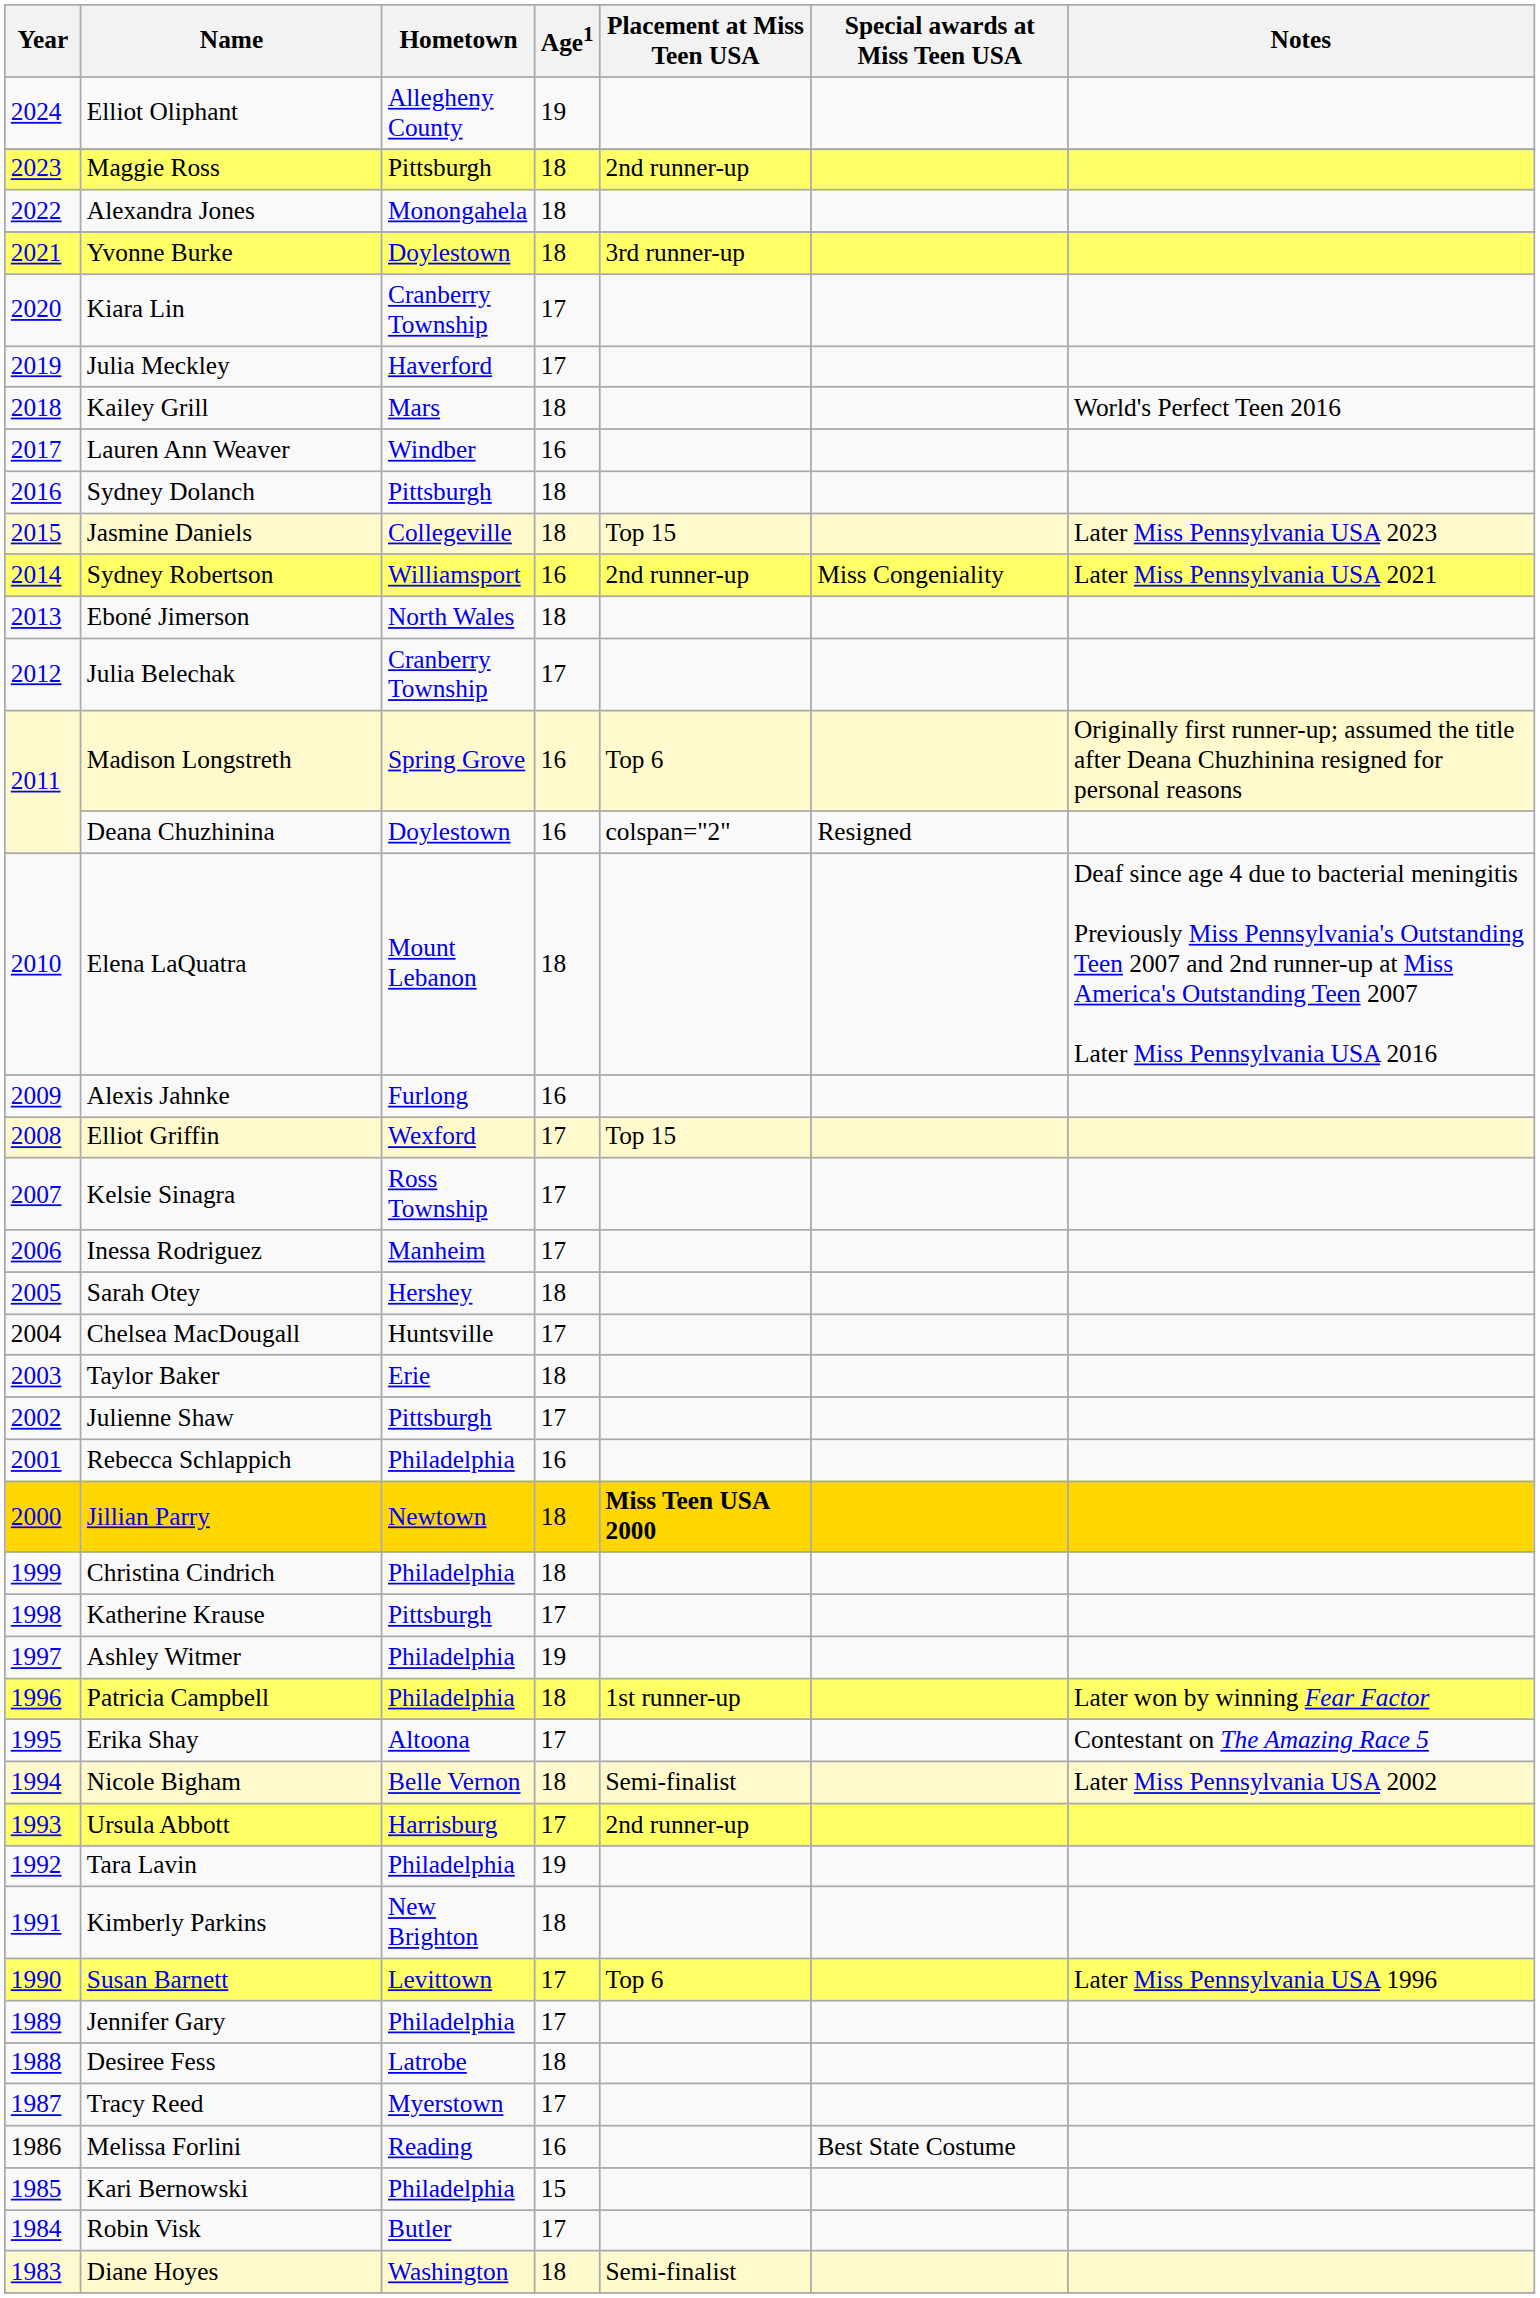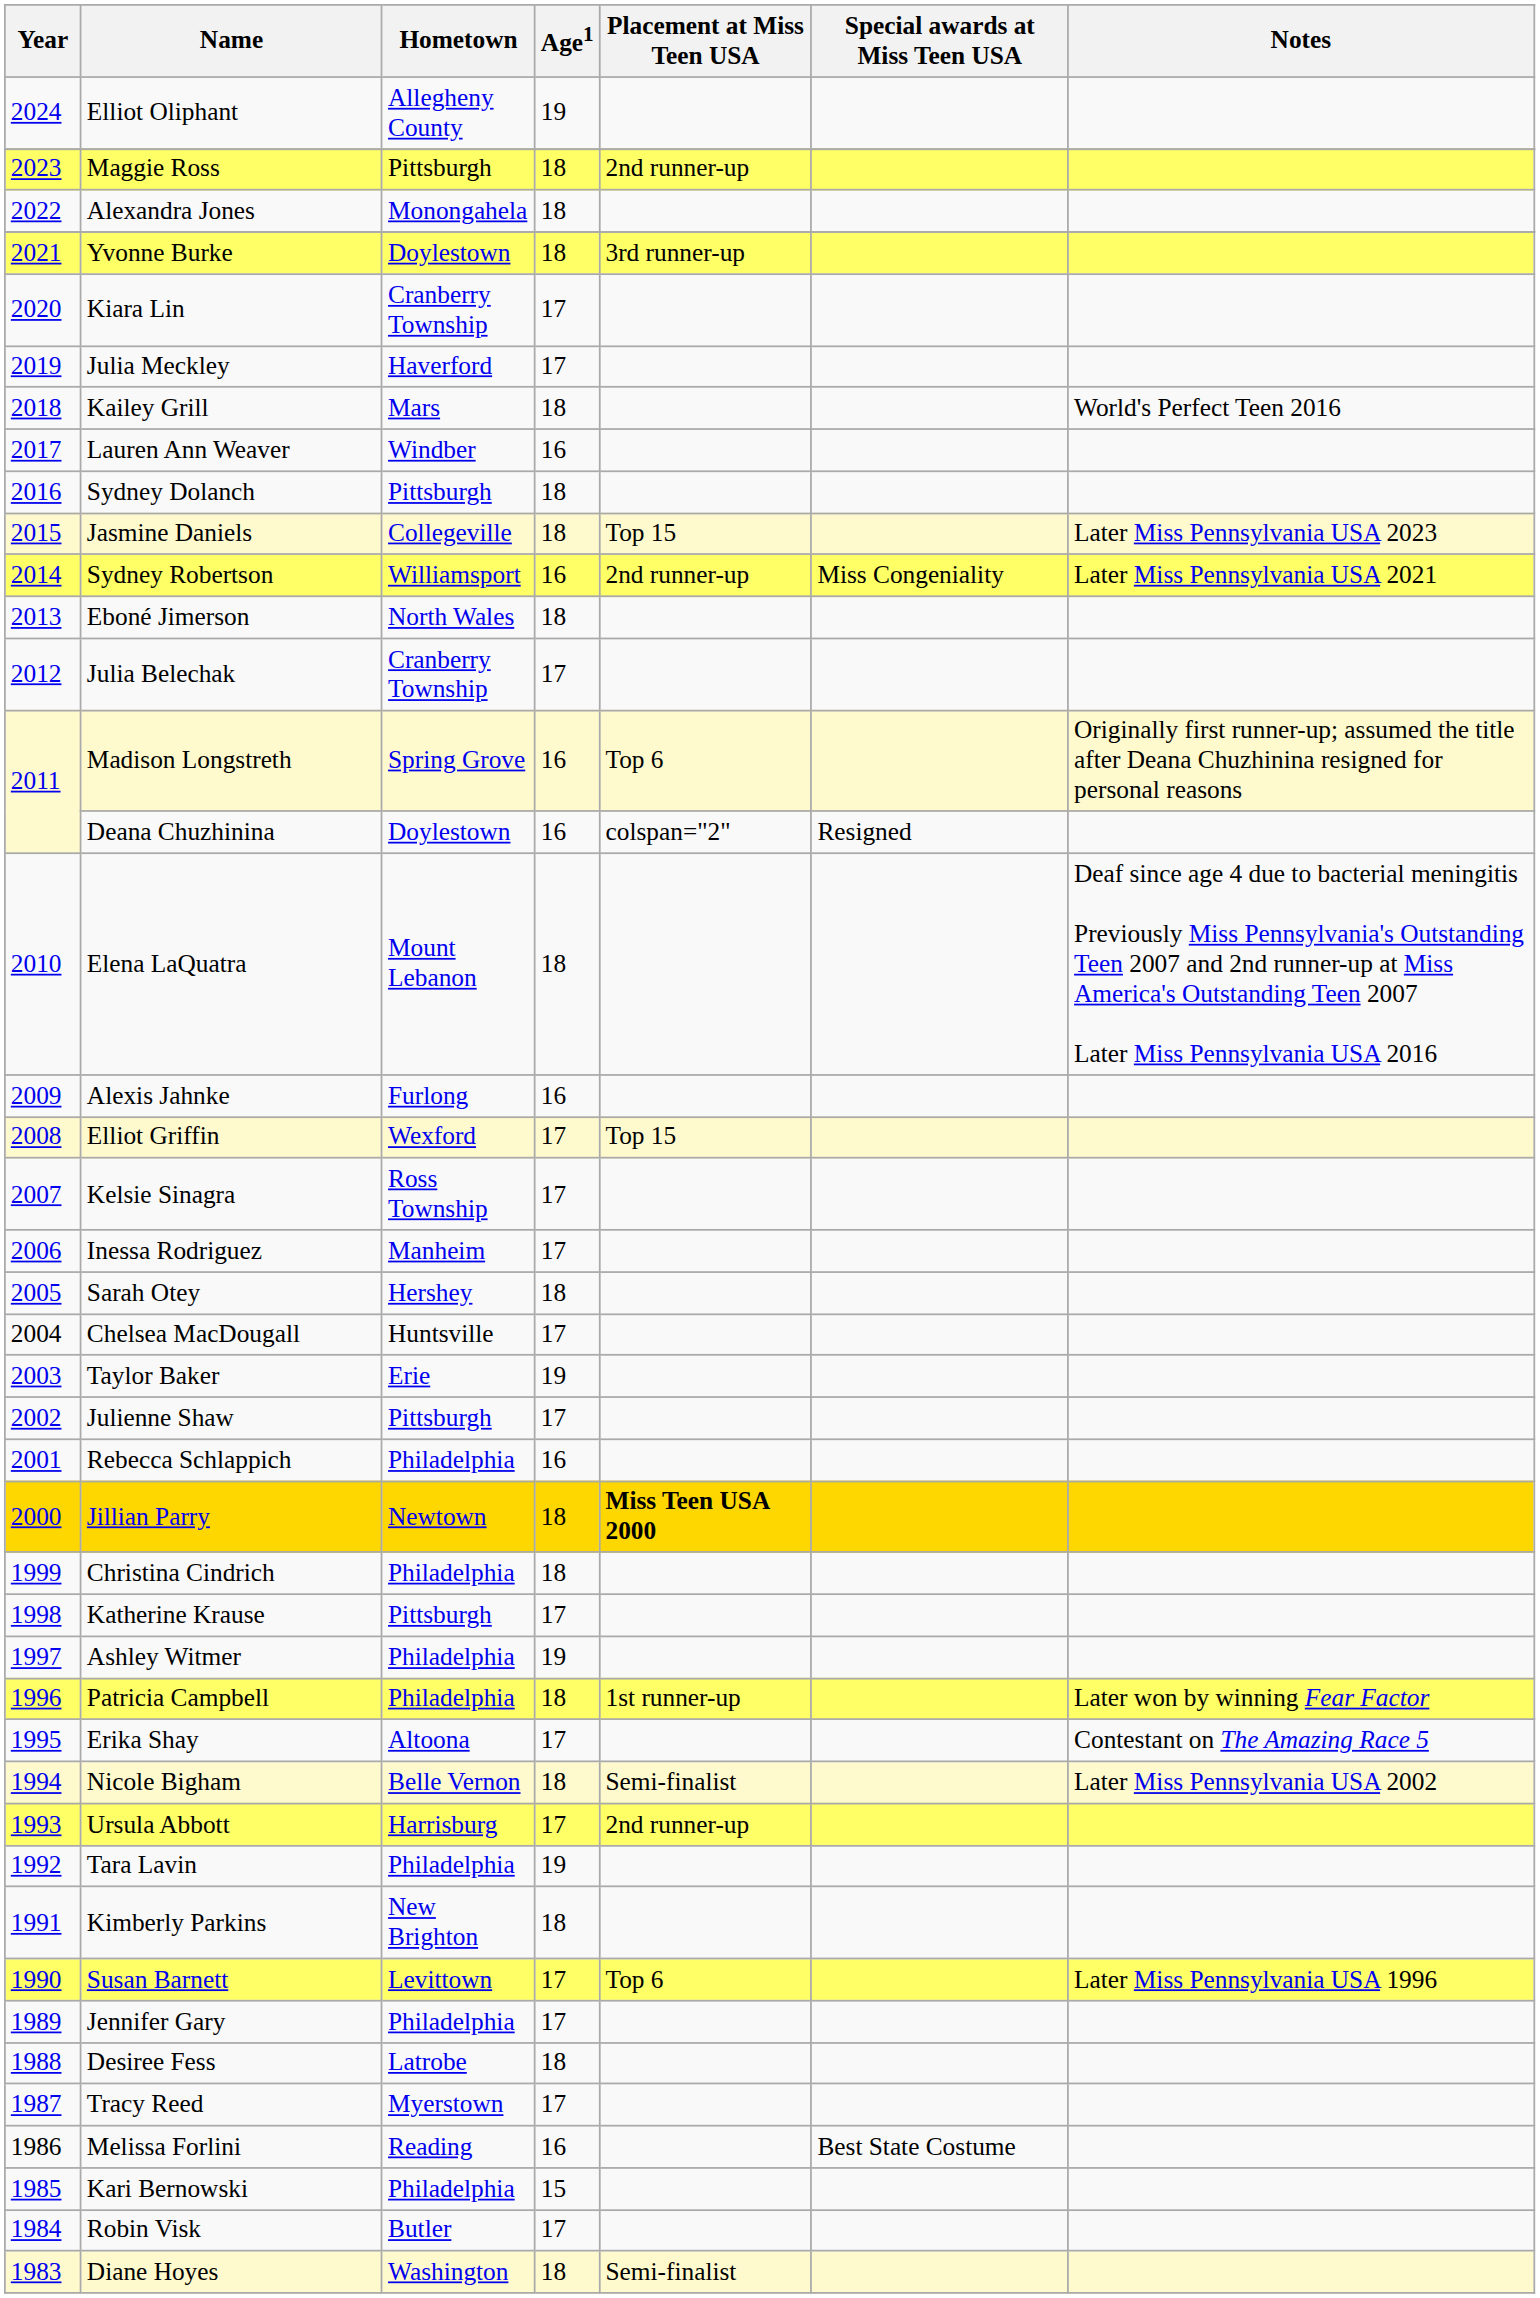 <table class="wikitable"style="font-size:90%;">
 <tr bgcolor="#efefef">
 <th width=5%>Year</th>
 <th width=20%>Name</th>
 <th width=10%>Hometown</th>
 <th width=3%>Age<sup>1</sup></th>
 <th width=14%>Placement at Miss Teen USA</th>
 <th width=17%>Special awards at Miss Teen  USA</th>
 <th width=31%>Notes</th>
 </tr>
 <tr>
 <td><a href='#'>2024</a></td>
 <td>Elliot Oliphant</td>
 <td><a href='#'>Allegheny County</a></td>
 <td>19</td>
 <td></td>
 <td></td>
 <td></td>
 </tr>
 <tr>
 </tr>
 <tr style="background-color:#FFFF66">
 <td><a href='#'>2023</a></td>
 <td>Maggie Ross</td>
 <td>Pittsburgh</td>
 <td>18</td>
 <td>2nd runner-up</td>
 <td></td>
 <td></td>
 </tr>
 <tr>
 <td><a href='#'>2022</a></td>
 <td>Alexandra Jones</td>
 <td><a href='#'>Monongahela</a></td>
 <td>18</td>
 <td></td>
 <td></td>
 <td></td>
 </tr>
 <tr>
 </tr>
 <tr style="background-color:#FFFF66">
 <td><a href='#'>2021</a></td>
 <td>Yvonne Burke</td>
 <td><a href='#'>Doylestown</a></td>
 <td>18</td>
 <td>3rd runner-up</td>
 <td></td>
 <td></td>
 </tr>
 <tr>
 <td><a href='#'>2020</a></td>
 <td>Kiara Lin</td>
 <td><a href='#'>Cranberry Township</a></td>
 <td>17</td>
 <td></td>
 <td></td>
 <td></td>
 </tr>
 <tr>
 <td><a href='#'>2019</a></td>
 <td>Julia Meckley</td>
 <td><a href='#'>Haverford</a></td>
 <td>17</td>
 <td></td>
 <td></td>
 <td></td>
 </tr>
 <tr>
 <td><a href='#'>2018</a></td>
 <td>Kailey Grill</td>
 <td><a href='#'>Mars</a></td>
 <td>18</td>
 <td></td>
 <td></td>
 <td>World's Perfect Teen 2016</td>
 </tr>
 <tr>
 <td><a href='#'>2017</a></td>
 <td>Lauren Ann Weaver</td>
 <td><a href='#'>Windber</a></td>
 <td>16</td>
 <td></td>
 <td></td>
 <td></td>
 </tr>
 <tr>
 <td><a href='#'>2016</a></td>
 <td>Sydney Dolanch</td>
 <td><a href='#'>Pittsburgh</a></td>
 <td>18</td>
 <td></td>
 <td></td>
 <td></td>
 </tr>
 <tr style="background-color:#FFFACD;”">
 <td><a href='#'>2015</a></td>
 <td>Jasmine Daniels</td>
 <td><a href='#'>Collegeville</a></td>
 <td>18</td>
 <td>Top 15</td>
 <td></td>
 <td>Later <a href='#'>Miss Pennsylvania USA</a> 2023</td>
 </tr>
 <tr style="background-color:#FFFF66;”">
 <td><a href='#'>2014</a></td>
 <td>Sydney Robertson</td>
 <td><a href='#'>Williamsport</a></td>
 <td>16</td>
 <td>2nd runner-up</td>
 <td>Miss Congeniality</td>
 <td>Later <a href='#'>Miss Pennsylvania USA</a> 2021</td>
 </tr>
 <tr>
 <td><a href='#'>2013</a></td>
 <td>Eboné Jimerson</td>
 <td><a href='#'>North Wales</a></td>
 <td>18</td>
 <td></td>
 <td></td>
 <td></td>
 </tr>
 <tr>
 <td><a href='#'>2012</a></td>
 <td>Julia Belechak</td>
 <td><a href='#'>Cranberry Township</a></td>
 <td>17</td>
 <td></td>
 <td></td>
 <td></td>
 </tr>
 <tr style="background-color:#FFFACD;”">
 <td rowspan=2><a href='#'>2011</a></td>
 <td>Madison Longstreth</td>
 <td><a href='#'>Spring Grove</a></td>
 <td>16</td>
 <td>Top 6</td>
 <td></td>
 <td>Originally first runner-up; assumed the title after Deana Chuzhinina resigned for personal reasons</td>
 </tr>
 <tr>
 <td>Deana Chuzhinina</td>
 <td><a href='#'>Doylestown</a></td>
 <td>16</td>
 <td>colspan="2" </td>
 <td>Resigned</td>
 </tr>
 <tr>
 <td><a href='#'>2010</a></td>
 <td>Elena LaQuatra</td>
 <td><a href='#'>Mount Lebanon</a></td>
 <td>18</td>
 <td></td>
 <td></td>
 <td>Deaf since age 4 due to bacterial meningitis<br><br>Previously <a href='#'>Miss Pennsylvania's Outstanding Teen</a> 2007 and 2nd runner-up at <a href='#'>Miss America's Outstanding Teen</a> 2007<br><br>Later <a href='#'>Miss Pennsylvania USA</a> 2016</td>
 </tr>
 <tr>
 <td><a href='#'>2009</a></td>
 <td>Alexis Jahnke</td>
 <td><a href='#'>Furlong</a></td>
 <td>16</td>
 <td></td>
 <td></td>
 <td></td>
 </tr>
 <tr style="background-color:#FFFACD;”">
 <td><a href='#'>2008</a></td>
 <td>Elliot Griffin</td>
 <td><a href='#'>Wexford</a></td>
 <td>17</td>
 <td>Top 15</td>
 <td></td>
 <td></td>
 </tr>
 <tr>
 <td><a href='#'>2007</a></td>
 <td>Kelsie Sinagra</td>
 <td><a href='#'>Ross Township</a></td>
 <td>17</td>
 <td></td>
 <td></td>
 <td></td>
 </tr>
 <tr>
 <td><a href='#'>2006</a></td>
 <td>Inessa Rodriguez</td>
 <td><a href='#'>Manheim</a></td>
 <td>17</td>
 <td></td>
 <td></td>
 <td></td>
 </tr>
 <tr>
 <td><a href='#'>2005</a></td>
 <td>Sarah Otey</td>
 <td><a href='#'>Hershey</a></td>
 <td>18</td>
 <td></td>
 <td></td>
 <td></td>
 </tr>
 <tr>
 <td>2004</td>
 <td>Chelsea MacDougall</td>
 <td>Huntsville</td>
 <td>17</td>
 <td></td>
 <td></td>
 <td></td>
 </tr>
 <tr>
 <td><a href='#'>2003</a></td>
 <td>Taylor Baker</td>
 <td><a href='#'>Erie</a></td>
-<td>18</td>
+<td>19</td>
 <td></td>
 <td></td>
 <td></td>
 </tr>
 <tr>
 <td><a href='#'>2002</a></td>
 <td>Julienne Shaw</td>
 <td><a href='#'>Pittsburgh</a></td>
 <td>17</td>
 <td></td>
 <td></td>
 <td></td>
 </tr>
 <tr>
 <td><a href='#'>2001</a></td>
 <td>Rebecca Schlappich</td>
 <td><a href='#'>Philadelphia</a></td>
 <td>16</td>
 <td></td>
 <td></td>
 <td></td>
 </tr>
 <tr style="background-color:GOLD;">
 <td><a href='#'>2000</a></td>
 <td><a href='#'>Jillian Parry</a></td>
 <td><a href='#'>Newtown</a></td>
 <td>18</td>
 <td><strong>Miss Teen USA 2000</strong></td>
 <td></td>
 <td></td>
 </tr>
 <tr>
 <td><a href='#'>1999</a></td>
 <td>Christina Cindrich</td>
 <td><a href='#'>Philadelphia</a></td>
 <td>18</td>
 <td></td>
 <td></td>
 <td></td>
 </tr>
 <tr>
 <td><a href='#'>1998</a></td>
 <td>Katherine Krause</td>
 <td><a href='#'>Pittsburgh</a></td>
 <td>17</td>
 <td></td>
 <td></td>
 <td></td>
 </tr>
 <tr>
 <td><a href='#'>1997</a></td>
 <td>Ashley Witmer</td>
 <td><a href='#'>Philadelphia</a></td>
 <td>19</td>
 <td></td>
 <td></td>
 <td></td>
 </tr>
 <tr style="background-color:#FFFF66;”">
 <td><a href='#'>1996</a></td>
 <td>Patricia Campbell</td>
 <td><a href='#'>Philadelphia</a></td>
 <td>18</td>
 <td>1st runner-up</td>
 <td></td>
 <td>Later won  by winning <em><a href='#'>Fear Factor</a></em></td>
 </tr>
 <tr>
 <td><a href='#'>1995</a></td>
 <td>Erika Shay</td>
 <td><a href='#'>Altoona</a></td>
 <td>17</td>
 <td></td>
 <td></td>
 <td>Contestant on <em><a href='#'>The Amazing Race 5</a></em></td>
 </tr>
 <tr style="background-color:#FFFACD;”">
 <td><a href='#'>1994</a></td>
 <td>Nicole Bigham</td>
 <td><a href='#'>Belle Vernon</a></td>
 <td>18</td>
 <td>Semi-finalist</td>
 <td></td>
 <td>Later <a href='#'>Miss Pennsylvania USA</a> 2002</td>
 </tr>
 <tr style="background-color:#FFFF66;”">
 <td><a href='#'>1993</a></td>
 <td>Ursula Abbott</td>
 <td><a href='#'>Harrisburg</a></td>
 <td>17</td>
 <td>2nd runner-up</td>
 <td></td>
 <td></td>
 </tr>
 <tr>
 <td><a href='#'>1992</a></td>
 <td>Tara Lavin</td>
 <td><a href='#'>Philadelphia</a></td>
 <td>19</td>
 <td></td>
 <td></td>
 <td></td>
 </tr>
 <tr>
 <td><a href='#'>1991</a></td>
 <td>Kimberly Parkins</td>
 <td><a href='#'>New Brighton</a></td>
 <td>18</td>
 <td></td>
 <td></td>
 <td></td>
 </tr>
 <tr style="background-color:#FFFF66;”">
 <td><a href='#'>1990</a></td>
 <td><a href='#'>Susan Barnett</a></td>
 <td><a href='#'>Levittown</a></td>
 <td>17</td>
 <td>Top 6</td>
 <td></td>
 <td>Later <a href='#'>Miss Pennsylvania USA</a> 1996</td>
 </tr>
 <tr>
 <td><a href='#'>1989</a></td>
 <td>Jennifer Gary</td>
 <td><a href='#'>Philadelphia</a></td>
 <td>17</td>
 <td></td>
 <td></td>
 <td></td>
 </tr>
 <tr>
 <td><a href='#'>1988</a></td>
 <td>Desiree Fess</td>
 <td><a href='#'>Latrobe</a></td>
 <td>18</td>
 <td></td>
 <td></td>
 <td></td>
 </tr>
 <tr>
 <td><a href='#'>1987</a></td>
 <td>Tracy Reed</td>
 <td><a href='#'>Myerstown</a></td>
 <td>17</td>
 <td></td>
 <td></td>
 <td></td>
 </tr>
 <tr>
 <td>1986</td>
 <td>Melissa Forlini</td>
 <td><a href='#'>Reading</a></td>
 <td>16</td>
 <td></td>
 <td>Best State Costume</td>
 <td></td>
 </tr>
 <tr>
 <td><a href='#'>1985</a></td>
 <td>Kari Bernowski</td>
 <td><a href='#'>Philadelphia</a></td>
 <td>15</td>
 <td></td>
 <td></td>
 <td></td>
 </tr>
 <tr>
 <td><a href='#'>1984</a></td>
 <td>Robin Visk</td>
 <td><a href='#'>Butler</a></td>
 <td>17</td>
 <td></td>
 <td></td>
 <td></td>
 </tr>
 <tr style="background-color:#FFFACD;”">
 <td><a href='#'>1983</a></td>
 <td>Diane Hoyes</td>
 <td><a href='#'>Washington</a></td>
 <td>18</td>
 <td>Semi-finalist</td>
 <td></td>
 <td></td>
 </tr>
 </table>
